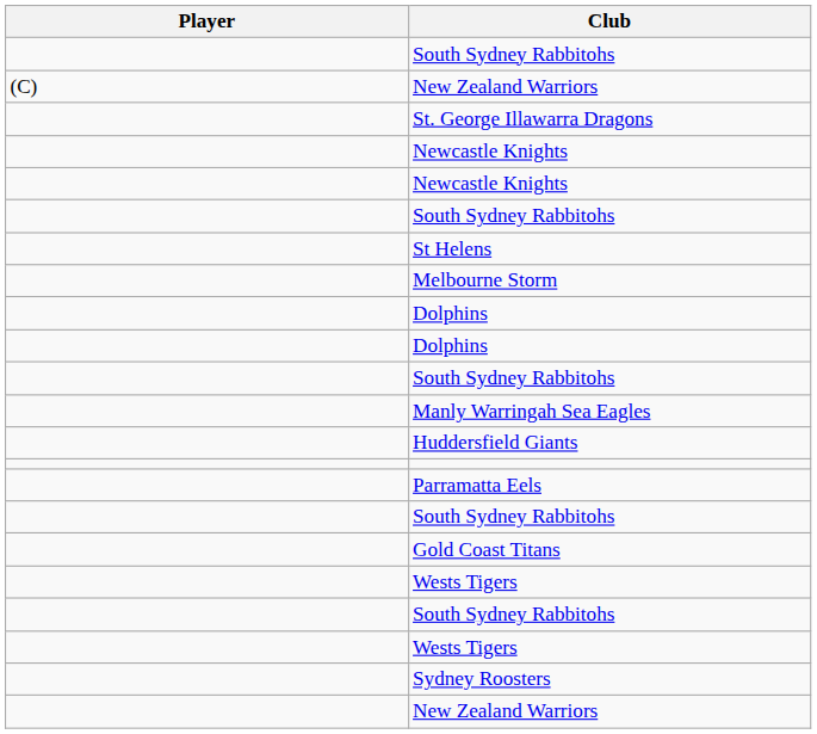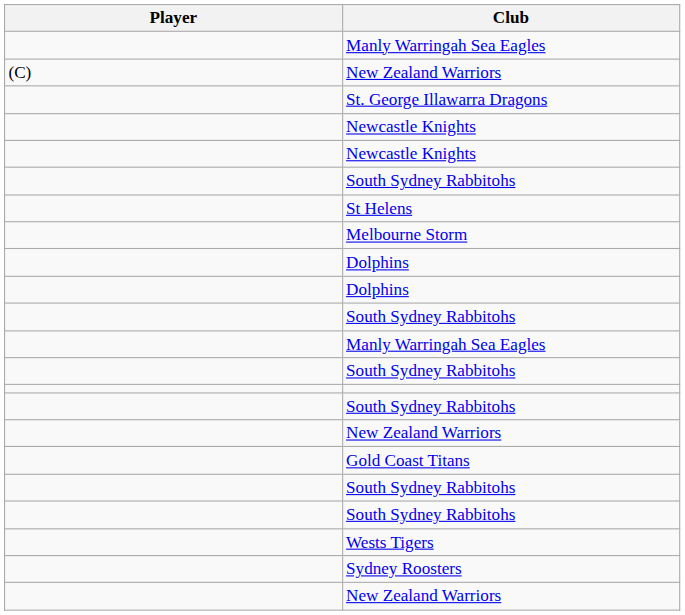 <table class="wikitable sortable" style="width:50%;text-align:left">
 <tr>
 <th width=50%>Player</th>
 <th width=50%>Club</th>
 </tr>
 <tr>
 <td style="text-align:left;"></td>
-<td style="text-align:left;"><a href='#'>South Sydney Rabbitohs</a></td>
+<td style="text-align:left;"><a href='#'>Manly Warringah Sea Eagles</a></td>
 </tr>
 <tr>
 <td style="text-align:left;"> (C)</td>
 <td style="text-align:left;"><a href='#'>New Zealand Warriors</a></td>
 </tr>
 <tr>
 <td style="text-align:left;"></td>
 <td style="text-align:left;"><a href='#'>St. George Illawarra Dragons</a></td>
 </tr>
 <tr>
 <td style="text-align:left;"></td>
 <td style="text-align:left;"><a href='#'>Newcastle Knights</a></td>
 </tr>
 <tr>
 <td style="text-align:left;"></td>
 <td style="text-align:left;"><a href='#'>Newcastle Knights</a></td>
 </tr>
 <tr>
 <td style="text-align:left;"></td>
 <td style="text-align:left;"><a href='#'>South Sydney Rabbitohs</a></td>
 </tr>
 <tr>
 <td style="text-align:left;"></td>
 <td style="text-align:left;"><a href='#'>St Helens</a></td>
 </tr>
 <tr>
 <td style="text-align:left;"></td>
 <td style="text-align:left;"><a href='#'>Melbourne Storm</a></td>
 </tr>
 <tr>
 <td style="text-align:left;"></td>
 <td style="text-align:left;"><a href='#'>Dolphins</a></td>
 </tr>
 <tr>
 <td style="text-align:left;"></td>
 <td style="text-align:left;"><a href='#'>Dolphins</a></td>
 </tr>
 <tr>
 <td style="text-align:left;"></td>
 <td style="text-align:left;"><a href='#'>South Sydney Rabbitohs</a></td>
 </tr>
 <tr>
 <td style="text-align:left;"></td>
 <td style="text-align:left;"><a href='#'>Manly Warringah Sea Eagles</a></td>
 </tr>
 <tr>
 <td style="text-align:left;"></td>
-<td style="text-align:left;"><a href='#'>Huddersfield Giants</a></td>
+<td style="text-align:left;"><a href='#'>South Sydney Rabbitohs</a></td>
 </tr>
 <tr>
 <td style="text-align:left;"></td>
 <td style="text-align:left;"></td>
 </tr>
 <tr>
 <td style="text-align:left;"></td>
-<td style="text-align:left;"><a href='#'>Parramatta Eels</a></td>
+<td style="text-align:left;"><a href='#'>South Sydney Rabbitohs</a></td>
 </tr>
 <tr>
 <td style="text-align:left;"></td>
-<td style="text-align:left;"><a href='#'>South Sydney Rabbitohs</a></td>
+<td style="text-align:left;"><a href='#'>New Zealand Warriors</a></td>
 </tr>
 <tr>
 <td style="text-align:left;"></td>
 <td style="text-align:left;"><a href='#'>Gold Coast Titans</a></td>
 </tr>
 <tr>
 <td style="text-align:left;"></td>
-<td style="text-align:left;"><a href='#'>Wests Tigers</a></td>
+<td style="text-align:left;"><a href='#'>South Sydney Rabbitohs</a></td>
 </tr>
 <tr>
 <td style="text-align:left;"></td>
 <td style="text-align:left;"><a href='#'>South Sydney Rabbitohs</a></td>
 </tr>
 <tr>
 <td style="text-align:left;"></td>
 <td style="text-align:left;"><a href='#'>Wests Tigers</a></td>
 </tr>
 <tr>
 <td style="text-align:left;"></td>
 <td style="text-align:left;"><a href='#'>Sydney Roosters</a></td>
 </tr>
 <tr>
 <td style="text-align:left;"></td>
 <td style="text-align:left;"><a href='#'>New Zealand Warriors</a></td>
 </tr>
 </table>
